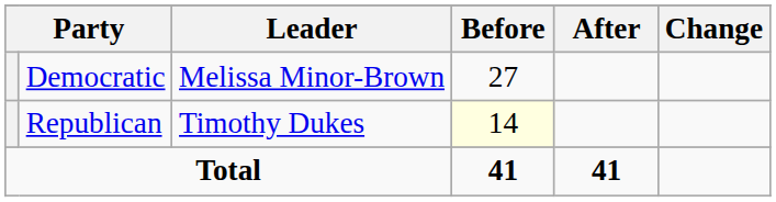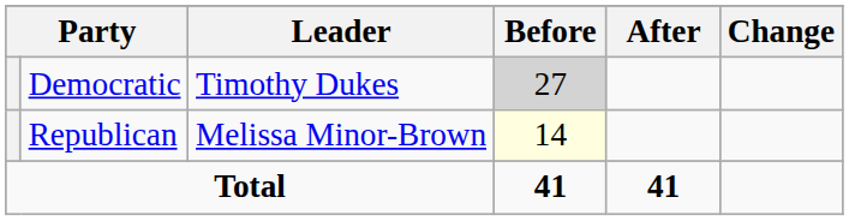 <table class="wikitable" style="text-align:center;">
 <tr>
 </tr>
 <tr>
 <th colspan="2">Party</th>
 <th>Leader</th>
 <th style="width:3em">Before</th>
 <th style="width:3em">After</th>
 <th style="width:3em">Change</th>
 </tr>
 <tr>
 <th style="background-color:"></th>
 <td style="text-align:left;"><a href='#'>Democratic</a></td>
-<td style="text-align:left;"><a href='#'>Melissa Minor-Brown</a></td>
-<td>27</td>
+<td style="text-align:left;"><a href='#'>Timothy Dukes</a></td>
+<td style="background: lightgrey;">27</td>
 <td></td>
 <td></td>
 </tr>
 <tr>
 <th style="background-color:"></th>
 <td style="text-align:left;"><a href='#'>Republican</a></td>
-<td style="text-align:left;"><a href='#'>Timothy Dukes</a></td>
+<td style="text-align:left;"><a href='#'>Melissa Minor-Brown</a></td>
 <td style="background: lightyellow;">14</td>
 <td></td>
 <td></td>
 </tr>
 <tr>
 <td colspan="3"><strong>Total</strong></td>
 <td><strong>41</strong></td>
 <td><strong>41</strong></td>
 <td></td>
 </tr>
 </table>
